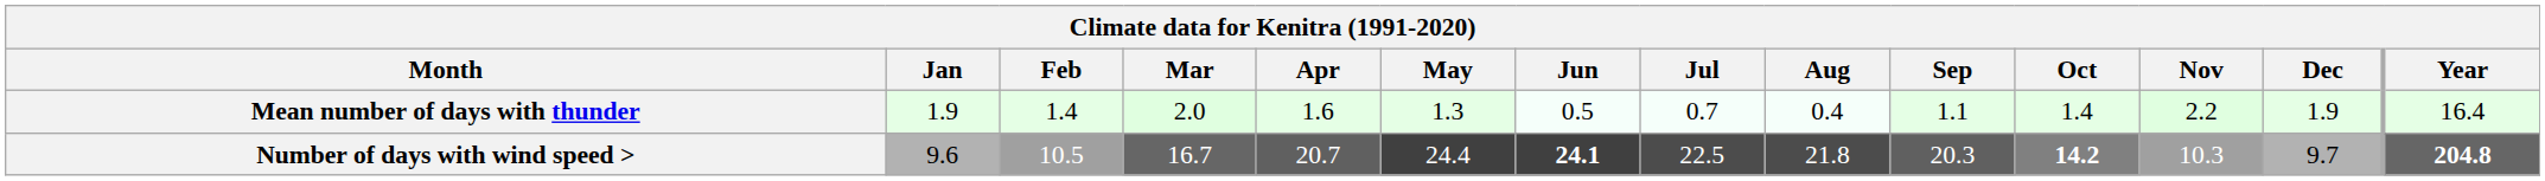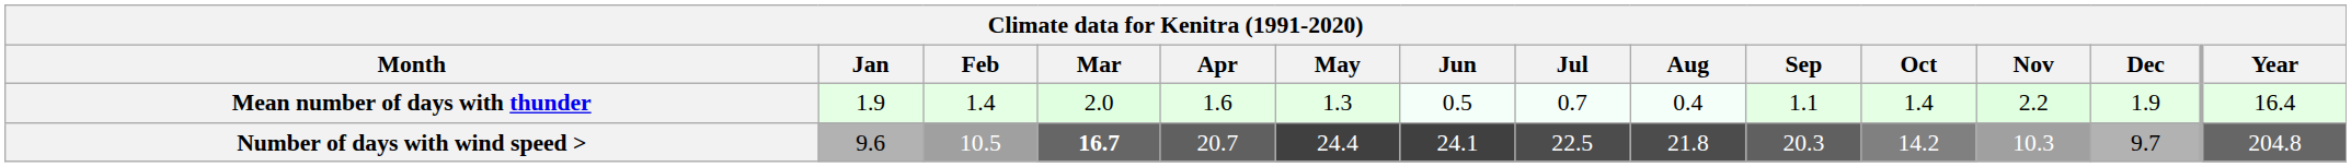 <table style="width:100%;text-align:center;line-height:1.2em;margin-left:auto;margin-right:auto" class="wikitable mw-collapsible">
 <tr>
 <th Colspan=14>Climate data for Kenitra (1991-2020)</th>
 </tr>
 <tr>
 <th>Month</th>
 <th>Jan</th>
 <th>Feb</th>
 <th>Mar</th>
 <th>Apr</th>
 <th>May</th>
 <th>Jun</th>
 <th>Jul</th>
 <th>Aug</th>
 <th>Sep</th>
 <th>Oct</th>
 <th>Nov</th>
 <th>Dec</th>
 <th style="border-left-width:medium">Year</th>
 </tr>
 <tr>
 <th>Mean number of days with <a href='#'>thunder</a></th>
 <td style="background:#E5FFE5;color:#000000;">1.9</td>
 <td style="background:#E5FFE5;color:#000000;">1.4</td>
 <td style="background:#E0FFE0;color:#000000;">2.0</td>
 <td style="background:#E5FFE5;color:#000000;">1.6</td>
 <td style="background:#E5FFE5;color:#000000;">1.3</td>
 <td style="background:#F5FFFA;color:#000000;">0.5</td>
 <td style="background:#F5FFFA;color:#000000;">0.7</td>
 <td style="background:#F5FFFA;color:#000000;">0.4</td>
 <td style="background:#E5FFE5;color:#000000;">1.1</td>
 <td style="background:#E5FFE5;color:#000000;">1.4</td>
 <td style="background:#E0FFE0;color:#000000;">2.2</td>
 <td style="background:#E5FFE5;color:#000000;">1.9</td>
 <td style="background:#E5FFE5;color:#000000;border-left-width:medium">16.4</td>
 </tr>
 <tr>
 <th>Number of days with wind speed > </th>
 <td style="background:#B2B2B2;color:#000000;">9.6</td>
 <td style="background:#A0A0A0;color:#FFFFFF;">10.5</td>
-<td style="background:#666666;color:#FFFFFF;">16.7</td>
+<td style="background:#666666;color:#FFFFFF;"><strong>16.7</strong></td>
 <td style="background:#606060;color:#FFFFFF;">20.7</td>
 <td style="background:#404040;color:#FFFFFF;">24.4</td>
-<td style="background:#404040;color:#FFFFFF;"><strong>24.1</strong></td>
+<td style="background:#404040;color:#FFFFFF;">24.1</td>
 <td style="background:#4C4C4C;color:#FFFFFF;">22.5</td>
 <td style="background:#4C4C4C;color:#FFFFFF;">21.8</td>
 <td style="background:#606060;color:#FFFFFF;">20.3</td>
-<td style="background:#808080;color:#FFFFFF;"><strong>14.2</strong></td>
+<td style="background:#808080;color:#FFFFFF;">14.2</td>
 <td style="background:#A0A0A0;color:#FFFFFF;">10.3</td>
 <td style="background:#B2B2B2;color:#000000;">9.7</td>
-<td style="background:#666666;color:#FFFFFF;border-left-width:medium"><strong>204.8</strong></td>
+<td style="background:#666666;color:#FFFFFF;border-left-width:medium">204.8</td>
 </tr>
 </table>
